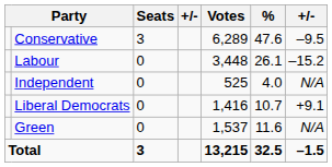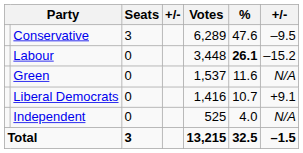 <table class="wikitable sortable">
 <tr>
 <th colspan="2">Party</th>
 <th>Seats</th>
 <th>+/-</th>
 <th>Votes</th>
 <th>%</th>
 <th>+/-</th>
 </tr>
 <tr>
 <td style="background-color: "></td>
 <td><a href='#'>Conservative</a></td>
 <td>3</td>
 <td></td>
 <td style="text-align:right;">6,289</td>
 <td style="text-align:right;">47.6</td>
 <td style="text-align:right;">–9.5</td>
 </tr>
 <tr>
 <td style="background-color: "></td>
 <td><a href='#'>Labour</a></td>
 <td>0</td>
 <td></td>
 <td style="text-align:right;">3,448</td>
-<td style="text-align:right;">26.1</td>
+<td style="text-align:right;"><strong>26.1</strong></td>
 <td style="text-align:right;">–15.2</td>
 </tr>
 <tr>
 <td style="background-color: "></td>
-<td><a href='#'>Independent</a></td>
+<td><a href='#'>Green</a></td>
 <td>0</td>
 <td></td>
-<td style="text-align:right;">525</td>
-<td style="text-align:right;">4.0</td>
+<td style="text-align:right;">1,537</td>
+<td style="text-align:right;">11.6</td>
 <td style="text-align:right;"><em>N/A</em></td>
 </tr>
 <tr>
 <td style="background-color: "></td>
 <td><a href='#'>Liberal Democrats</a></td>
 <td>0</td>
 <td></td>
 <td style="text-align:right;">1,416</td>
 <td style="text-align:right;">10.7</td>
 <td style="text-align:right;">+9.1</td>
 </tr>
 <tr>
 <td style="background-color: "></td>
-<td><a href='#'>Green</a></td>
+<td><a href='#'>Independent</a></td>
 <td>0</td>
 <td></td>
-<td style="text-align:right;">1,537</td>
-<td style="text-align:right;">11.6</td>
+<td style="text-align:right;">525</td>
+<td style="text-align:right;">4.0</td>
 <td style="text-align:right;"><em>N/A</em></td>
 </tr>
 <tr>
 <td colspan="2"><strong>Total</strong></td>
 <td><strong>3</strong></td>
 <td></td>
 <td style="text-align:right;"><strong>13,215</strong></td>
 <td style="text-align:right;"><strong>32.5</strong></td>
 <td style="text-align:right;"><strong>–1.5</strong></td>
 </tr>
 </table>
